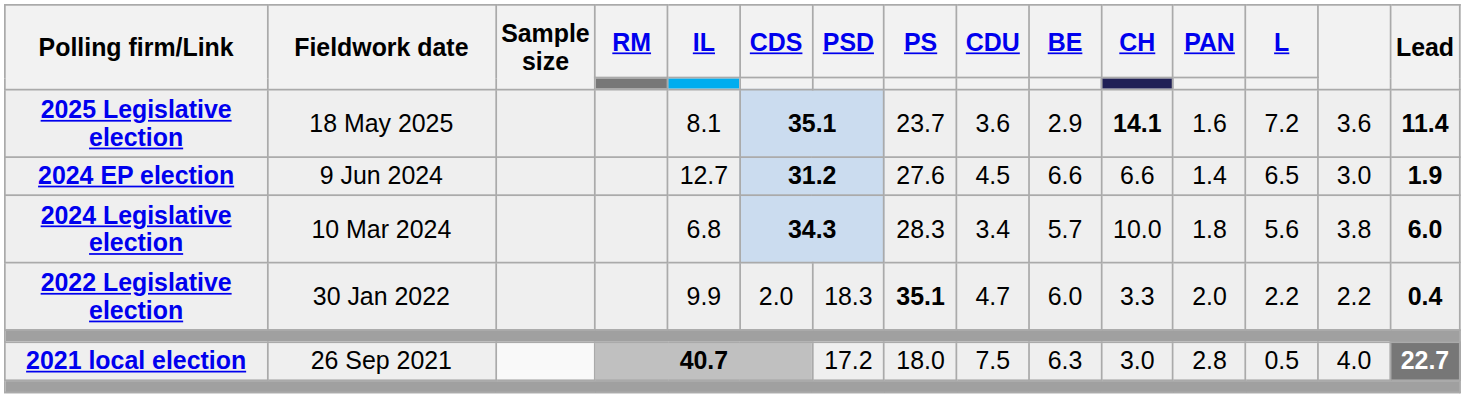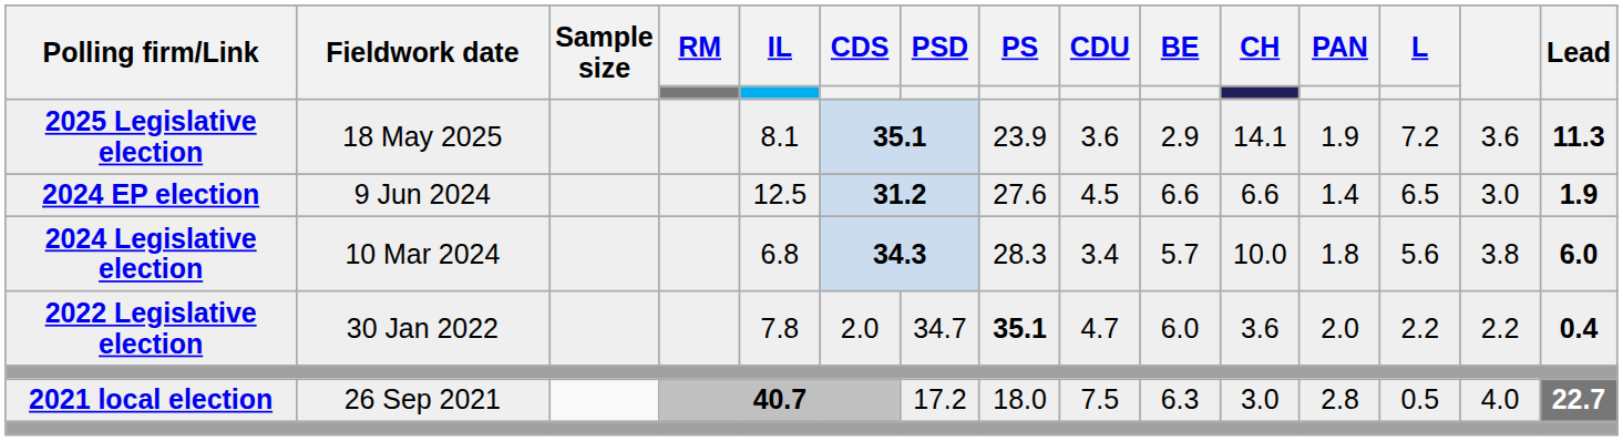 <table class="wikitable sortable mw-datatable" style="text-align:center;font-size:90%;line-height:16px;">
 <tr style="height:42px;">
 <th style="width:145px;" rowspan="2">Polling firm/Link</th>
 <th style="width:125px;" rowspan="2">Fieldwork date</th>
 <th class="unsortable" style="width:50px;" rowspan="2">Sample size</th>
 <th class="unsortable" style="width:35px;"><a href='#'>RM</a></th>
 <th class="unsortable" style="width:35px;"><a href='#'>IL</a></th>
 <th class="unsortable" style="width:35px;"><a href='#'>CDS</a></th>
 <th class="unsortable" style="width:35px;"><a href='#'>PSD</a></th>
 <th class="unsortable" style="width:35px;"><a href='#'>PS</a></th>
 <th class="unsortable" style="width:35px;"><a href='#'>CDU</a></th>
 <th class="unsortable" style="width:35px;"><a href='#'>BE</a></th>
 <th class="unsortable" style="width:35px;"><a href='#'>CH</a></th>
 <th class="unsortable" style="width:35px;"><a href='#'>PAN</a></th>
 <th class="unsortable" style="width:35px;"><a href='#'>L</a></th>
 <th rowspan="2" class="unsortable" style="width:35px;"></th>
 <th class="unsortable" style="width:30px;" rowspan="2">Lead</th>
 </tr>
 <tr>
 <th class="unsortable" style="color:inherit;background:#777777;"></th>
 <th class="sortable" style="background:#00ADEF;"></th>
 <th class="unsortable" style="color:inherit;background:"></th>
 <th class="unsortable" style="color:inherit;background:"></th>
 <th class="unsortable" style="color:inherit;background:"></th>
 <th class="unsortable" style="color:inherit;background:"></th>
 <th class="unsortable" style="color:inherit;background:"></th>
 <th class="unsortable" style="color:inherit;background:#202056;"></th>
 <th class="unsortable" style="color:inherit;background:"></th>
 <th class="unsortable" style="color:inherit;background:"></th>
 </tr>
 <tr style="background:#EFEFEF;">
 <td><strong><a href='#'>2025 Legislative election</a></strong></td>
 <td>18 May 2025</td>
 <td></td>
 <td></td>
 <td>8.1<br></td>
 <td colspan="2" style="background:#CBDCEF"><strong>35.1</strong><br></td>
-<td>23.7<br></td>
+<td>23.9<br></td>
 <td>3.6<br></td>
 <td>2.9<br></td>
-<td><strong>14.1<br></strong></td>
-<td>1.6<br></td>
+<td>14.1<br></td>
+<td>1.9<br></td>
 <td>7.2<br></td>
 <td>3.6<br></td>
-<td style="background:"><strong>11.4</strong></td>
+<td style="background:"><strong>11.3</strong></td>
 </tr>
 <tr style="background:#EFEFEF;">
 <td><strong><a href='#'>2024 EP election</a></strong></td>
 <td>9 Jun 2024</td>
 <td></td>
 <td></td>
-<td>12.7<br></td>
+<td>12.5<br></td>
 <td colspan="2" style="background:#CBDCEF"><strong>31.2</strong><br></td>
 <td>27.6<br></td>
 <td>4.5<br></td>
 <td>6.6<br></td>
 <td>6.6<br></td>
 <td>1.4<br></td>
 <td>6.5<br></td>
 <td>3.0<br></td>
 <td style="background:"><strong>1.9</strong></td>
 </tr>
 <tr style="background:#EFEFEF;">
 <td><strong><a href='#'>2024 Legislative election</a></strong></td>
 <td>10 Mar 2024</td>
 <td></td>
 <td></td>
 <td>6.8<br></td>
 <td colspan="2" style="background:#CBDCEF"><strong>34.3</strong><br></td>
 <td>28.3<br></td>
 <td>3.4<br></td>
 <td>5.7<br></td>
 <td>10.0<br></td>
 <td>1.8<br></td>
 <td>5.6<br></td>
 <td>3.8<br></td>
 <td style="background:"><strong>6.0</strong></td>
 </tr>
 <tr style="background:#EFEFEF;">
 <td><strong><a href='#'>2022 Legislative election</a></strong></td>
 <td>30 Jan 2022</td>
 <td></td>
 <td></td>
-<td>9.9<br></td>
+<td>7.8<br></td>
 <td>2.0<br></td>
-<td>18.3<br></td>
+<td>34.7<br></td>
 <td align="center" ><strong>35.1</strong><br></td>
 <td>4.7<br></td>
 <td>6.0<br></td>
-<td>3.3<br></td>
+<td>3.6<br></td>
 <td>2.0<br></td>
 <td>2.2<br></td>
 <td>2.2<br></td>
 <td style="background:"><strong>0.4</strong></td>
 </tr>
 <tr>
 <td colspan="16" style="background:#A0A0A0"></td>
 </tr>
 <tr>
 <td style="background:#EFEFEF;"><strong><a href='#'>2021 local election</a></strong></td>
 <td style="background:#EFEFEF;" data-sort-value="2019-10-06">26 Sep 2021</td>
 <td></td>
 <td colspan="3" style="background:#C0C0C0"><strong>40.7</strong><br></td>
 <td style="background:#EFEFEF;">17.2<br></td>
 <td style="background:#EFEFEF;">18.0<br></td>
 <td style="background:#EFEFEF;">7.5<br></td>
 <td style="background:#EFEFEF;">6.3<br></td>
 <td style="background:#EFEFEF;">3.0<br></td>
 <td style="background:#EFEFEF;">2.8<br></td>
 <td style="background:#EFEFEF;">0.5<br></td>
 <td style="background:#EFEFEF;">4.0<br></td>
 <td style="background:#777777; color:white;"><strong>22.7</strong></td>
 </tr>
 <tr>
 <td colspan="16" style="background:#A0A0A0"></td>
 </tr>
 </table>
